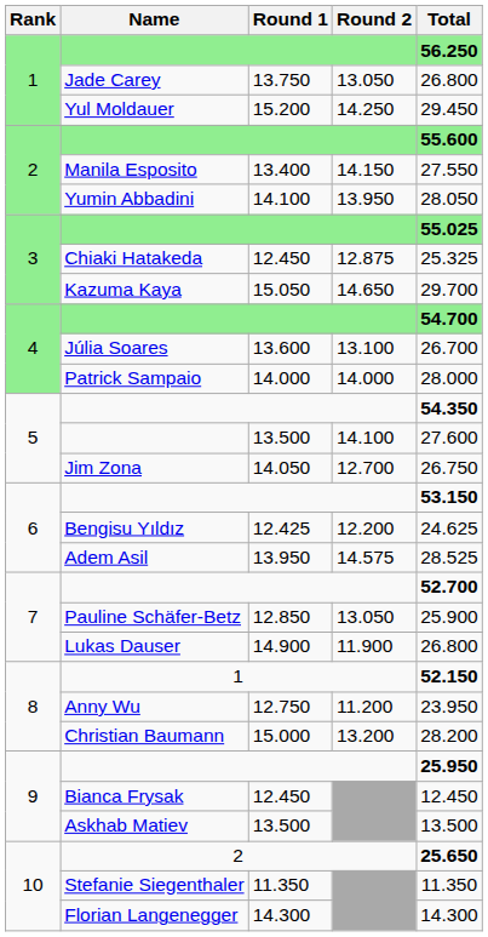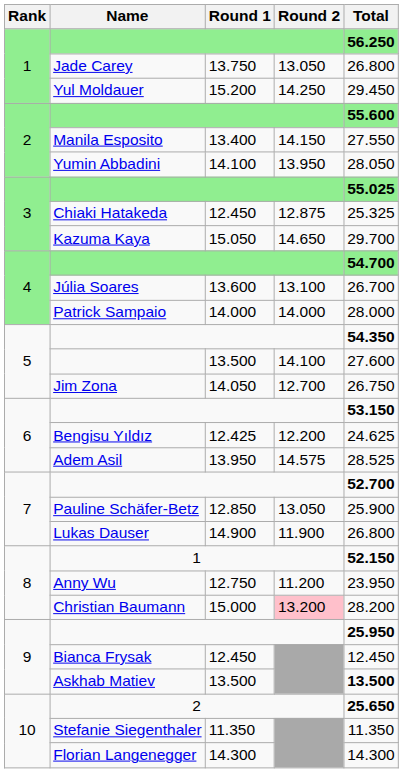 <table class="wikitable" white-space:nowrap">
 <tr>
 <th>Rank</th>
 <th>Name</th>
 <th>Round 1</th>
 <th>Round 2</th>
 <th>Total</th>
 </tr>
 <tr bgcolor="lightgreen">
 <td rowspan="3" align=center>1</td>
 <td align=center colspan="3"></td>
 <td><strong>56.250</strong></td>
 </tr>
 <tr>
 <td><a href='#'>Jade Carey</a></td>
 <td> 13.750</td>
 <td> 13.050</td>
 <td>26.800</td>
 </tr>
 <tr>
 <td><a href='#'>Yul Moldauer</a></td>
 <td> 15.200</td>
 <td> 14.250</td>
 <td>29.450</td>
 </tr>
 <tr bgcolor="lightgreen">
 <td rowspan="3" align=center>2</td>
 <td align=center colspan="3"></td>
 <td><strong>55.600</strong></td>
 </tr>
 <tr>
 <td><a href='#'>Manila Esposito</a></td>
 <td> 13.400</td>
 <td> 14.150</td>
 <td>27.550</td>
 </tr>
 <tr>
 <td><a href='#'>Yumin Abbadini</a></td>
 <td> 14.100</td>
 <td> 13.950</td>
 <td>28.050</td>
 </tr>
 <tr bgcolor="lightgreen">
 <td rowspan="3" align=center>3</td>
 <td align=center colspan="3"></td>
 <td><strong>55.025</strong></td>
 </tr>
 <tr>
 <td><a href='#'>Chiaki Hatakeda</a></td>
 <td> 12.450</td>
 <td> 12.875</td>
 <td>25.325</td>
 </tr>
 <tr>
 <td><a href='#'>Kazuma Kaya</a></td>
 <td> 15.050</td>
 <td> 14.650</td>
 <td>29.700</td>
 </tr>
 <tr bgcolor="lightgreen">
 <td rowspan="3" align=center>4</td>
 <td align=center colspan="3"></td>
 <td><strong>54.700</strong></td>
 </tr>
 <tr>
 <td><a href='#'>Júlia Soares</a></td>
 <td> 13.600</td>
 <td> 13.100</td>
 <td>26.700</td>
 </tr>
 <tr>
 <td><a href='#'>Patrick Sampaio</a></td>
 <td> 14.000</td>
 <td> 14.000</td>
 <td>28.000</td>
 </tr>
 <tr>
 <td rowspan="3" align=center>5</td>
 <td align=center colspan="3"></td>
 <td><strong>54.350</strong></td>
 </tr>
 <tr>
 <td></td>
 <td> 13.500</td>
 <td> 14.100</td>
 <td>27.600</td>
 </tr>
 <tr>
 <td><a href='#'>Jim Zona</a></td>
 <td> 14.050</td>
 <td> 12.700</td>
 <td>26.750</td>
 </tr>
 <tr>
 <td rowspan="3" align=center>6</td>
 <td align=center colspan="3"></td>
 <td><strong>53.150</strong></td>
 </tr>
 <tr>
 <td><a href='#'>Bengisu Yıldız</a></td>
 <td> 12.425</td>
 <td> 12.200</td>
 <td>24.625</td>
 </tr>
 <tr>
 <td><a href='#'>Adem Asil</a></td>
 <td> 13.950</td>
 <td> 14.575</td>
 <td>28.525</td>
 </tr>
 <tr>
 <td rowspan="3" align=center>7</td>
 <td align=center colspan="3"></td>
 <td><strong>52.700</strong></td>
 </tr>
 <tr>
 <td><a href='#'>Pauline Schäfer-Betz</a></td>
 <td> 12.850</td>
 <td> 13.050</td>
 <td>25.900</td>
 </tr>
 <tr>
 <td><a href='#'>Lukas Dauser</a></td>
 <td> 14.900</td>
 <td> 11.900</td>
 <td>26.800</td>
 </tr>
 <tr>
 <td rowspan="3" align=center>8</td>
 <td align=center colspan="3"> 1</td>
 <td><strong>52.150</strong></td>
 </tr>
 <tr>
 <td><a href='#'>Anny Wu</a></td>
 <td> 12.750</td>
 <td> 11.200</td>
 <td>23.950</td>
 </tr>
 <tr>
 <td><a href='#'>Christian Baumann</a></td>
 <td> 15.000</td>
-<td> 13.200</td>
+<td style="background: pink;"> 13.200</td>
 <td>28.200</td>
 </tr>
 <tr>
 <td rowspan="3" align=center>9</td>
 <td align=center colspan="3"></td>
 <td><strong>25.950</strong></td>
 </tr>
 <tr>
 <td><a href='#'>Bianca Frysak</a></td>
 <td> 12.450</td>
 <td rowspan="2" bgcolor="darkgrey"></td>
 <td>12.450</td>
 </tr>
 <tr>
 <td><a href='#'>Askhab Matiev</a></td>
 <td> 13.500</td>
-<td>13.500</td>
+<td><strong>13.500</strong></td>
 </tr>
 <tr>
 <td rowspan="3" align=center>10</td>
 <td align=center colspan="3"> 2</td>
 <td><strong>25.650</strong></td>
 </tr>
 <tr>
 <td><a href='#'>Stefanie Siegenthaler</a></td>
 <td align=left> 11.350</td>
 <td rowspan="2" bgcolor="darkgrey"></td>
 <td align=center>11.350</td>
 </tr>
 <tr>
 <td><a href='#'>Florian Langenegger</a></td>
 <td> 14.300</td>
 <td>14.300</td>
 </tr>
 </table>
